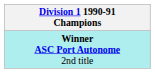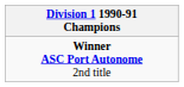 <table class="wikitable" style="margin: 0 auto; width: 240px;">
 <tr>
 <th><a href='#'>Division 1</a> 1990-91<br>Champions</th>
 </tr>
 <tr>
-<td align=center style="background: paleturquoise;"><strong>Winner</strong><br><strong><a href='#'>ASC Port Autonome</a></strong><br>2nd title</td>
+<td align=center><strong>Winner</strong><br><strong><a href='#'>ASC Port Autonome</a></strong><br>2nd title</td>
 </tr>
 </table>
